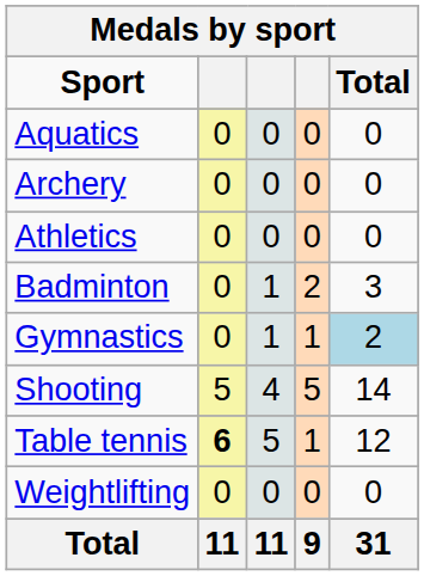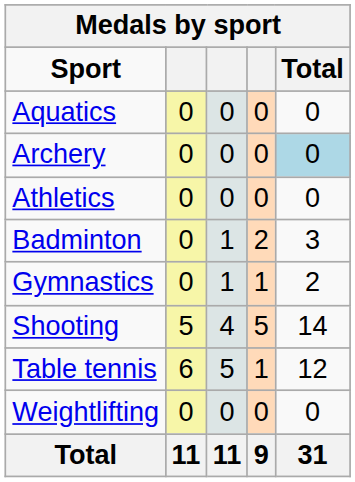 <table class="wikitable" style="float:right;">
 <tr>
 <th colspan=5><strong>Medals by sport</strong></th>
 </tr>
 <tr align=center>
 <td><strong>Sport</strong></td>
 <th bgcolor=#f7f6a8></th>
 <th bgcolor=#dce5e5></th>
 <th bgcolor=#ffdab9></th>
 <th><strong>Total</strong></th>
 </tr>
 <tr align=center>
 <td align=left><a href='#'>Aquatics</a></td>
 <td bgcolor=#f7f6a8>0</td>
 <td bgcolor=#dce5e5>0</td>
 <td bgcolor=#ffdab9>0</td>
 <td>0</td>
 </tr>
 <tr align=center>
 <td align=left><a href='#'>Archery</a></td>
 <td bgcolor=#f7f6a8>0</td>
 <td bgcolor=#dce5e5>0</td>
 <td bgcolor=#ffdab9>0</td>
-<td>0</td>
+<td style="background: lightblue;">0</td>
 </tr>
 <tr align=center>
 <td align=left><a href='#'>Athletics</a></td>
 <td bgcolor=#f7f6a8>0</td>
 <td bgcolor=#dce5e5>0</td>
 <td bgcolor=#ffdab9>0</td>
 <td>0</td>
 </tr>
 <tr align=center>
 <td align=left><a href='#'>Badminton</a></td>
 <td bgcolor=#f7f6a8>0</td>
 <td bgcolor=#dce5e5>1</td>
 <td bgcolor=#ffdab9>2</td>
 <td>3</td>
 </tr>
 <tr align=center>
 <td align=left><a href='#'>Gymnastics</a></td>
 <td bgcolor=#f7f6a8>0</td>
 <td bgcolor=#dce5e5>1</td>
 <td bgcolor=#ffdab9>1</td>
-<td style="background: lightblue;">2</td>
+<td>2</td>
 </tr>
 <tr align=center>
 <td align=left><a href='#'>Shooting</a></td>
 <td bgcolor=#f7f6a8>5</td>
 <td bgcolor=#dce5e5>4</td>
 <td bgcolor=#ffdab9>5</td>
 <td>14</td>
 </tr>
 <tr align=center>
 <td align=left><a href='#'>Table tennis</a></td>
-<td bgcolor=#f7f6a8><strong>6</strong></td>
+<td bgcolor=#f7f6a8>6</td>
 <td bgcolor=#dce5e5>5</td>
 <td bgcolor=#ffdab9>1</td>
 <td>12</td>
 </tr>
 <tr align=center>
 <td align=left><a href='#'>Weightlifting</a></td>
 <td bgcolor=#f7f6a8>0</td>
 <td bgcolor=#dce5e5>0</td>
 <td bgcolor=#ffdab9>0</td>
 <td>0</td>
 </tr>
 <tr align=center>
 <th bgcolor=#efefef><strong>Total</strong></th>
 <th bgcolor=#f7f6a8>11</th>
 <th bgcolor=#dce5e5>11</th>
 <th bgcolor=#ffdab9>9</th>
 <th>31</th>
 </tr>
 </table>
